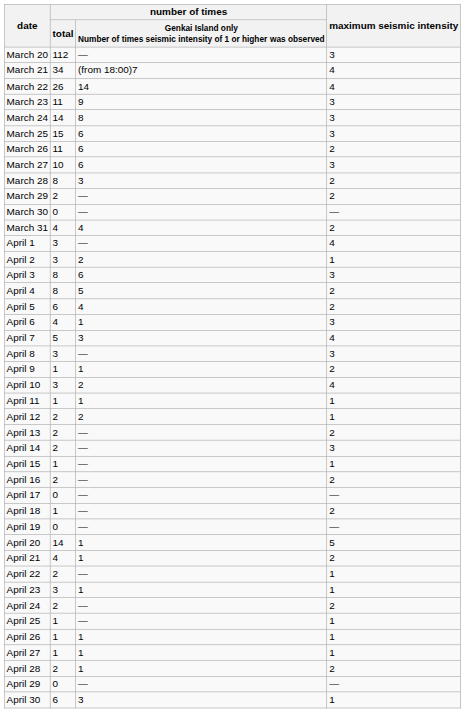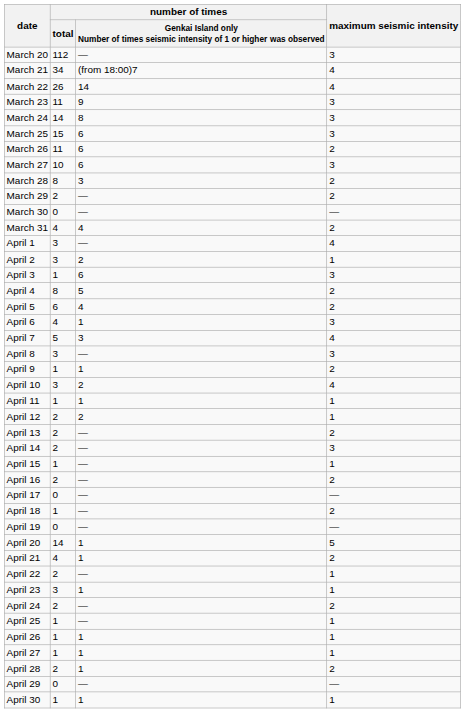 <table class="wikitable">
 <tr>
 <th rowspan="2">date</th>
 <th colspan="2">number of times</th>
 <th rowspan="2"><strong>maximum seismic intensity</strong></th>
 </tr>
 <tr>
 <th>total</th>
 <th><small>Genkai Island only</small><br><small>Number of times seismic intensity of 1 or higher</small> <small>was observed</small></th>
 </tr>
 <tr>
 <td>March 20</td>
 <td>112</td>
 <td>―</td>
 <td>3</td>
 </tr>
 <tr>
 <td>March 21</td>
 <td>34</td>
 <td>(from 18:00)7</td>
 <td>4</td>
 </tr>
 <tr>
 <td>March 22</td>
 <td>26</td>
 <td>14</td>
 <td>4</td>
 </tr>
 <tr>
 <td>March 23</td>
 <td>11</td>
 <td>9</td>
 <td>3</td>
 </tr>
 <tr>
 <td>March 24</td>
 <td>14</td>
 <td>8</td>
 <td>3</td>
 </tr>
 <tr>
 <td>March 25</td>
 <td>15</td>
 <td>6</td>
 <td>3</td>
 </tr>
 <tr>
 <td>March 26</td>
 <td>11</td>
 <td>6</td>
 <td>2</td>
 </tr>
 <tr>
 <td>March 27</td>
 <td>10</td>
 <td>6</td>
 <td>3</td>
 </tr>
 <tr>
 <td>March 28</td>
 <td>8</td>
 <td>3</td>
 <td>2</td>
 </tr>
 <tr>
 <td>March 29</td>
 <td>2</td>
 <td>―</td>
 <td>2</td>
 </tr>
 <tr>
 <td>March 30</td>
 <td>0</td>
 <td>―</td>
 <td>―</td>
 </tr>
 <tr>
 <td>March 31</td>
 <td>4</td>
 <td>4</td>
 <td>2</td>
 </tr>
 <tr>
 <td>April 1</td>
 <td>3</td>
 <td>―</td>
 <td>4</td>
 </tr>
 <tr>
 <td>April 2</td>
 <td>3</td>
 <td>2</td>
 <td>1</td>
 </tr>
 <tr>
 <td>April 3</td>
-<td>8</td>
+<td>1</td>
 <td>6</td>
 <td>3</td>
 </tr>
 <tr>
 <td>April 4</td>
 <td>8</td>
 <td>5</td>
 <td>2</td>
 </tr>
 <tr>
 <td>April 5</td>
 <td>6</td>
 <td>4</td>
 <td>2</td>
 </tr>
 <tr>
 <td>April 6</td>
 <td>4</td>
 <td>1</td>
 <td>3</td>
 </tr>
 <tr>
 <td>April 7</td>
 <td>5</td>
 <td>3</td>
 <td>4</td>
 </tr>
 <tr>
 <td>April 8</td>
 <td>3</td>
 <td>―</td>
 <td>3</td>
 </tr>
 <tr>
 <td>April 9</td>
 <td>1</td>
 <td>1</td>
 <td>2</td>
 </tr>
 <tr>
 <td>April 10</td>
 <td>3</td>
 <td>2</td>
 <td>4</td>
 </tr>
 <tr>
 <td>April 11</td>
 <td>1</td>
 <td>1</td>
 <td>1</td>
 </tr>
 <tr>
 <td>April 12</td>
 <td>2</td>
 <td>2</td>
 <td>1</td>
 </tr>
 <tr>
 <td>April 13</td>
 <td>2</td>
 <td>―</td>
 <td>2</td>
 </tr>
 <tr>
 <td>April 14</td>
 <td>2</td>
 <td>―</td>
 <td>3</td>
 </tr>
 <tr>
 <td>April 15</td>
 <td>1</td>
 <td>―</td>
 <td>1</td>
 </tr>
 <tr>
 <td>April 16</td>
 <td>2</td>
 <td>―</td>
 <td>2</td>
 </tr>
 <tr>
 <td>April 17</td>
 <td>0</td>
 <td>―</td>
 <td>―</td>
 </tr>
 <tr>
 <td>April 18</td>
 <td>1</td>
 <td>―</td>
 <td>2</td>
 </tr>
 <tr>
 <td>April 19</td>
 <td>0</td>
 <td>―</td>
 <td>―</td>
 </tr>
 <tr>
 <td>April 20</td>
 <td>14</td>
 <td>1</td>
 <td>5</td>
 </tr>
 <tr>
 <td>April 21</td>
 <td>4</td>
 <td>1</td>
 <td>2</td>
 </tr>
 <tr>
 <td>April 22</td>
 <td>2</td>
 <td>―</td>
 <td>1</td>
 </tr>
 <tr>
 <td>April 23</td>
 <td>3</td>
 <td>1</td>
 <td>1</td>
 </tr>
 <tr>
 <td>April 24</td>
 <td>2</td>
 <td>―</td>
 <td>2</td>
 </tr>
 <tr>
 <td>April 25</td>
 <td>1</td>
 <td>―</td>
 <td>1</td>
 </tr>
 <tr>
 <td>April 26</td>
 <td>1</td>
 <td>1</td>
 <td>1</td>
 </tr>
 <tr>
 <td>April 27</td>
 <td>1</td>
 <td>1</td>
 <td>1</td>
 </tr>
 <tr>
 <td>April 28</td>
 <td>2</td>
 <td>1</td>
 <td>2</td>
 </tr>
 <tr>
 <td>April 29</td>
 <td>0</td>
 <td>―</td>
 <td>―</td>
 </tr>
 <tr>
 <td>April 30</td>
-<td>6</td>
-<td>3</td>
+<td>1</td>
+<td>1</td>
 <td>1</td>
 </tr>
 </table>
